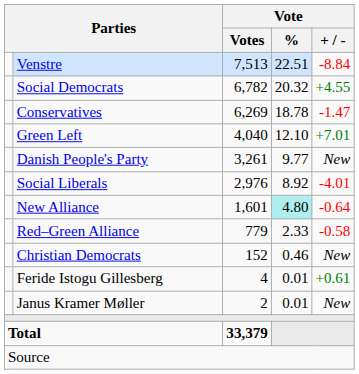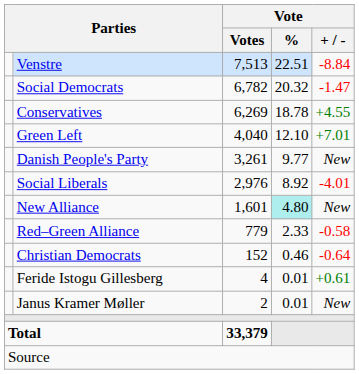 <table class="wikitable" style="text-align:right;">
 <tr>
 <th style="text-align:centre;" rowspan="2" colspan="2" width="225">Parties</th>
 <th colspan="3">Vote</th>
 </tr>
 <tr>
 <th width="15">Votes</th>
 <th width="15">%</th>
 <th width="15">+ / -</th>
 </tr>
 <tr>
 <td width="2" style="color:inherit;background:"></td>
 <td bgcolor=#cfe5fe  align="left"><a href='#'>Venstre</a></td>
 <td bgcolor=#cfe5fe>7,513</td>
 <td bgcolor=#cfe5fe>22.51</td>
 <td style=color:red;>-8.84</td>
 </tr>
 <tr>
 <td width="2" style="color:inherit;background:"></td>
 <td align="left"><a href='#'>Social Democrats</a></td>
 <td>6,782</td>
 <td>20.32</td>
-<td style=color:green;>+4.55</td>
+<td style=color:red;>-1.47</td>
 </tr>
 <tr>
 <td width="2" style="color:inherit;background:"></td>
 <td align="left"><a href='#'>Conservatives</a></td>
 <td>6,269</td>
 <td>18.78</td>
-<td style=color:red;>-1.47</td>
+<td style=color:green;>+4.55</td>
 </tr>
 <tr>
 <td width="2" style="color:inherit;background:"></td>
 <td align="left"><a href='#'>Green Left</a></td>
 <td>4,040</td>
 <td>12.10</td>
 <td style=color:green;>+7.01</td>
 </tr>
 <tr>
 <td width="2" style="color:inherit;background:"></td>
 <td align="left"><a href='#'>Danish People's Party</a></td>
 <td>3,261</td>
 <td>9.77</td>
 <td><em>New</em></td>
 </tr>
 <tr>
 <td width="2" style="color:inherit;background:"></td>
 <td align="left"><a href='#'>Social Liberals</a></td>
 <td>2,976</td>
 <td>8.92</td>
 <td style=color:red;>-4.01</td>
 </tr>
 <tr>
 <td width="2" style="color:inherit;background:"></td>
 <td align="left"><a href='#'>New Alliance</a></td>
 <td>1,601</td>
 <td style="background: paleturquoise;">4.80</td>
-<td style=color:red;>-0.64</td>
+<td><em>New</em></td>
 </tr>
 <tr>
 <td width="2" style="color:inherit;background:"></td>
 <td align="left"><a href='#'>Red–Green Alliance</a></td>
 <td>779</td>
 <td>2.33</td>
 <td style=color:red;>-0.58</td>
 </tr>
 <tr>
 <td width="2" style="color:inherit;background:"></td>
 <td align="left"><a href='#'>Christian Democrats</a></td>
 <td>152</td>
 <td>0.46</td>
-<td><em>New</em></td>
+<td style=color:red;>-0.64</td>
 </tr>
 <tr>
 <td width="2" style="color:inherit;background:"></td>
 <td align="left">Feride Istogu Gillesberg</td>
 <td>4</td>
 <td>0.01</td>
 <td style=color:green;>+0.61</td>
 </tr>
 <tr>
 <td width="2" style="color:inherit;background:"></td>
 <td align="left">Janus Kramer Møller</td>
 <td>2</td>
 <td>0.01</td>
 <td><em>New</em></td>
 </tr>
 <tr>
 <td colspan="7" bgcolor="#E9E9E9"></td>
 </tr>
 <tr>
 <td align="left" colspan="2"><strong>Total</strong></td>
 <td><strong>33,379</strong></td>
 <td bgcolor="#E9E9E9" colspan="2"></td>
 </tr>
 <tr>
 <td align="left" colspan="6">Source</td>
 </tr>
 </table>
